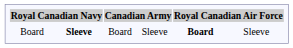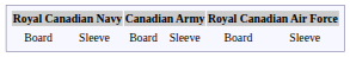 <table style="margin:1em auto; border:1px solid #8888aa; background-color:#f7f8ff; padding:5px; font-size:95%;">
 <tr align="center" style="background-color:#CCCCCC; width: 100%">
 <th colspan=2>Royal Canadian Navy</th>
 <th colspan=2>Canadian Army</th>
 <th colspan=2>Royal Canadian Air Force</th>
 </tr>
 <tr>
 <td></td>
 <td></td>
 <td></td>
 <td></td>
 <td></td>
 <td></td>
 </tr>
 <tr>
 <td align=center>Board</td>
-<td align=center><strong>Sleeve</strong></td>
+<td align=center>Sleeve</td>
 <td align=center>Board</td>
 <td align=center>Sleeve</td>
-<td align=center><strong>Board</strong></td>
+<td align=center>Board</td>
 <td align=center>Sleeve</td>
 </tr>
 </table>
